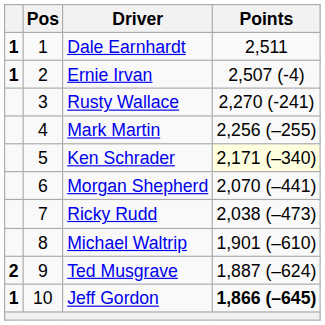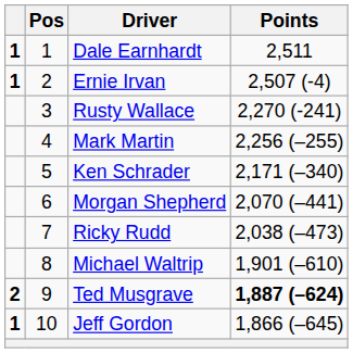 <table class="wikitable" style="font-size: 95%;">
 <tr>
 <th></th>
 <th>Pos</th>
 <th>Driver</th>
 <th>Points</th>
 </tr>
 <tr>
 <td align="left"> <strong>1</strong></td>
 <td style="text-align:center;">1</td>
 <td><a href='#'>Dale Earnhardt</a></td>
 <td style="text-align:center;">2,511</td>
 </tr>
 <tr>
 <td align="left"> <strong>1</strong></td>
 <td style="text-align:center;">2</td>
 <td><a href='#'>Ernie Irvan</a></td>
 <td style="text-align:center;">2,507 (-4)</td>
 </tr>
 <tr>
 <td align="left"></td>
 <td style="text-align:center;">3</td>
 <td><a href='#'>Rusty Wallace</a></td>
 <td style="text-align:center;">2,270 (-241)</td>
 </tr>
 <tr>
 <td align="left"></td>
 <td style="text-align:center;">4</td>
 <td><a href='#'>Mark Martin</a></td>
 <td style="text-align:center;">2,256 (–255)</td>
 </tr>
 <tr>
 <td align="left"></td>
 <td style="text-align:center;">5</td>
 <td><a href='#'>Ken Schrader</a></td>
-<td style="background: lightyellow; text-align:center;">2,171 (–340)</td>
+<td style="text-align:center;">2,171 (–340)</td>
 </tr>
 <tr>
 <td align="left"></td>
 <td style="text-align:center;">6</td>
 <td><a href='#'>Morgan Shepherd</a></td>
 <td style="text-align:center;">2,070 (–441)</td>
 </tr>
 <tr>
 <td align="left"></td>
 <td style="text-align:center;">7</td>
 <td><a href='#'>Ricky Rudd</a></td>
 <td style="text-align:center;">2,038 (–473)</td>
 </tr>
 <tr>
 <td align="left"></td>
 <td style="text-align:center;">8</td>
 <td><a href='#'>Michael Waltrip</a></td>
 <td style="text-align:center;">1,901 (–610)</td>
 </tr>
 <tr>
 <td align="left"> <strong>2</strong></td>
 <td style="text-align:center;">9</td>
 <td><a href='#'>Ted Musgrave</a></td>
-<td style="text-align:center;">1,887 (–624)</td>
+<td style="text-align:center;"><strong>1,887 (–624)</strong></td>
 </tr>
 <tr>
 <td align="left"> <strong>1</strong></td>
 <td style="text-align:center;">10</td>
 <td><a href='#'>Jeff Gordon</a></td>
-<td style="text-align:center;"><strong>1,866 (–645)</strong></td>
+<td style="text-align:center;">1,866 (–645)</td>
 </tr>
 <tr class="sortbottom">
 <th colspan="9"></th>
 </tr>
 </table>
